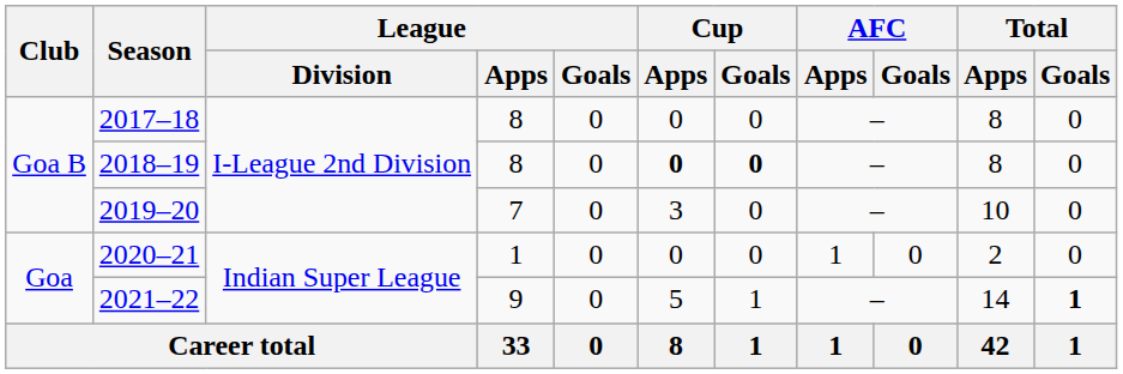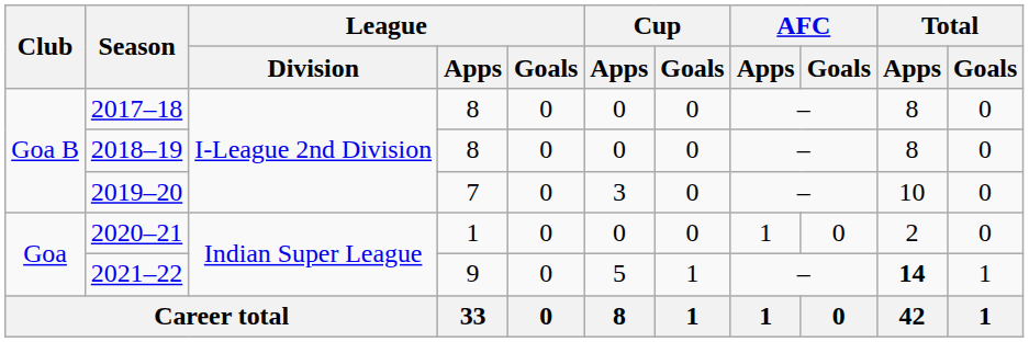 <table class=wikitable style=text-align:center>
 <tr>
 <th rowspan=2>Club</th>
 <th rowspan=2>Season</th>
 <th colspan=3>League</th>
 <th colspan=2>Cup</th>
 <th colspan=2><a href='#'>AFC</a></th>
 <th colspan=2>Total</th>
 </tr>
 <tr>
 <th>Division</th>
 <th>Apps</th>
 <th>Goals</th>
 <th>Apps</th>
 <th>Goals</th>
 <th>Apps</th>
 <th>Goals</th>
 <th>Apps</th>
 <th>Goals</th>
 </tr>
 <tr>
 <td rowspan="3"><a href='#'>Goa B</a></td>
 <td><a href='#'>2017–18</a></td>
 <td rowspan="3"><a href='#'>I-League 2nd Division</a></td>
 <td>8</td>
 <td>0</td>
 <td>0</td>
 <td>0</td>
 <td colspan="2">–</td>
 <td>8</td>
 <td>0</td>
 </tr>
 <tr>
 <td><a href='#'>2018–19</a></td>
 <td>8</td>
 <td>0</td>
-<td><strong>0</strong></td>
-<td><strong>0</strong></td>
+<td>0</td>
+<td>0</td>
 <td colspan="2">–</td>
 <td>8</td>
 <td>0</td>
 </tr>
 <tr>
 <td><a href='#'>2019–20</a></td>
 <td>7</td>
 <td>0</td>
 <td>3</td>
 <td>0</td>
 <td colspan="2">–</td>
 <td>10</td>
 <td>0</td>
 </tr>
 <tr>
 <td rowspan="2"><a href='#'>Goa</a></td>
 <td><a href='#'>2020–21</a></td>
 <td rowspan="2"><a href='#'>Indian Super League</a></td>
 <td>1</td>
 <td>0</td>
 <td>0</td>
 <td>0</td>
 <td>1</td>
 <td>0</td>
 <td>2</td>
 <td>0</td>
 </tr>
 <tr>
 <td><a href='#'>2021–22</a></td>
 <td>9</td>
 <td>0</td>
 <td>5</td>
 <td>1</td>
 <td colspan="2">–</td>
-<td>14</td>
-<td><strong>1</strong></td>
+<td><strong>14</strong></td>
+<td>1</td>
 </tr>
 <tr>
 <th colspan="3">Career total</th>
 <th>33</th>
 <th>0</th>
 <th>8</th>
 <th>1</th>
 <th>1</th>
 <th>0</th>
 <th>42</th>
 <th>1</th>
 </tr>
 </table>
